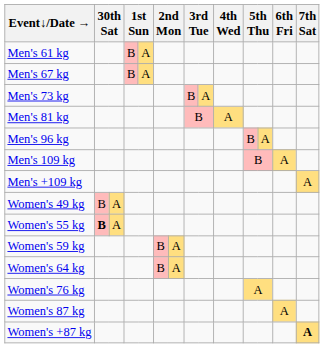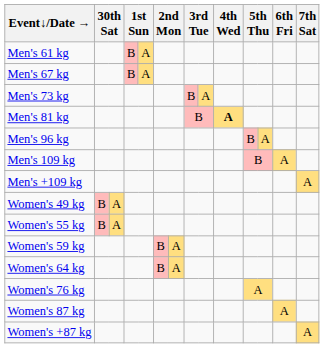 <table class="wikitable" style="margin:0.5em auto; font-size:90%; line-height:1.25em; text-align:center;">
 <tr>
 <th>Event↓/Date →</th>
 <th colspan=2>30th<br>Sat</th>
 <th colspan=2>1st<br>Sun</th>
 <th colspan=2>2nd<br>Mon</th>
 <th colspan=2>3rd<br>Tue</th>
 <th>4th<br>Wed</th>
 <th colspan=2>5th<br>Thu</th>
 <th>6th<br>Fri</th>
 <th>7th<br>Sat</th>
 </tr>
 <tr>
 <td align=left><a href='#'>Men's 61 kg</a></td>
 <td colspan=2></td>
 <td bgcolor=#FFBBBB>B</td>
 <td bgcolor=#FFDF80>A</td>
 <td colspan=2></td>
 <td colspan=2></td>
 <td></td>
 <td colspan=2></td>
 <td></td>
 <td></td>
 </tr>
 <tr>
 <td align=left><a href='#'>Men's 67 kg</a></td>
 <td colspan=2></td>
 <td bgcolor=#FFBBBB>B</td>
 <td bgcolor=#FFDF80>A</td>
 <td colspan=2></td>
 <td colspan=2></td>
 <td></td>
 <td colspan=2></td>
 <td></td>
 <td></td>
 </tr>
 <tr>
 <td align=left><a href='#'>Men's 73 kg</a></td>
 <td colspan=2></td>
 <td colspan=2></td>
 <td colspan=2></td>
 <td bgcolor=#FFBBBB>B</td>
 <td bgcolor=#FFDF80>A</td>
 <td></td>
 <td colspan=2></td>
 <td></td>
 <td></td>
 </tr>
 <tr>
 <td align=left><a href='#'>Men's 81 kg</a></td>
 <td colspan=2></td>
 <td colspan=2></td>
 <td colspan=2></td>
 <td colspan=2 bgcolor=#FFBBBB>B</td>
-<td bgcolor=#FFDF80>A</td>
+<td bgcolor=#FFDF80><strong>A</strong></td>
 <td colspan=2></td>
 <td></td>
 <td></td>
 </tr>
 <tr>
 <td align=left><a href='#'>Men's 96 kg</a></td>
 <td colspan=2></td>
 <td colspan=2></td>
 <td colspan=2></td>
 <td colspan=2></td>
 <td></td>
 <td bgcolor=#FFBBBB>B</td>
 <td bgcolor=#FFDF80>A</td>
 <td></td>
 <td></td>
 </tr>
 <tr>
 <td align=left><a href='#'>Men's 109 kg</a></td>
 <td colspan=2></td>
 <td colspan=2></td>
 <td colspan=2></td>
 <td colspan=2></td>
 <td></td>
 <td colspan=2 bgcolor=#FFBBBB>B</td>
 <td bgcolor=#FFDF80>A</td>
 <td></td>
 </tr>
 <tr>
 <td align=left><a href='#'>Men's +109 kg</a></td>
 <td colspan=2></td>
 <td colspan=2></td>
 <td colspan=2></td>
 <td colspan=2></td>
 <td></td>
 <td colspan=2></td>
 <td></td>
 <td bgcolor=#FFDF80>A</td>
 </tr>
 <tr>
 <td align=left><a href='#'>Women's 49 kg</a></td>
 <td bgcolor=#FFBBBB>B</td>
 <td bgcolor=#FFDF80>A</td>
 <td colspan=2></td>
 <td colspan=2></td>
 <td colspan=2></td>
 <td></td>
 <td colspan=2></td>
 <td></td>
 <td></td>
 </tr>
 <tr>
 <td align=left><a href='#'>Women's 55 kg</a></td>
-<td bgcolor=#FFBBBB><strong>B</strong></td>
+<td bgcolor=#FFBBBB>B</td>
 <td bgcolor=#FFDF80>A</td>
 <td colspan=2></td>
 <td colspan=2></td>
 <td colspan=2></td>
 <td></td>
 <td colspan=2></td>
 <td></td>
 <td></td>
 </tr>
 <tr>
 <td align=left><a href='#'>Women's 59 kg</a></td>
 <td colspan=2></td>
 <td colspan=2></td>
 <td bgcolor=#FFBBBB>B</td>
 <td bgcolor=#FFDF80>A</td>
 <td colspan=2></td>
 <td></td>
 <td colspan=2></td>
 <td></td>
 <td></td>
 </tr>
 <tr>
 <td align=left><a href='#'>Women's 64 kg</a></td>
 <td colspan=2></td>
 <td colspan=2></td>
 <td bgcolor=#FFBBBB>B</td>
 <td bgcolor=#FFDF80>A</td>
 <td colspan=2></td>
 <td></td>
 <td colspan=2></td>
 <td></td>
 <td></td>
 </tr>
 <tr>
 <td align=left><a href='#'>Women's 76 kg</a></td>
 <td colspan=2></td>
 <td colspan=2></td>
 <td colspan=2></td>
 <td colspan=2></td>
 <td></td>
 <td colspan=2 bgcolor=#FFDF80>A</td>
 <td></td>
 <td></td>
 </tr>
 <tr>
 <td align=left><a href='#'>Women's 87 kg</a></td>
 <td colspan=2></td>
 <td colspan=2></td>
 <td colspan=2></td>
 <td colspan=2></td>
 <td></td>
 <td colspan=2></td>
 <td bgcolor="#FFDF80">A</td>
 <td></td>
 </tr>
 <tr>
 <td align=left><a href='#'>Women's +87 kg</a></td>
 <td colspan=2></td>
 <td colspan=2></td>
 <td colspan=2></td>
 <td colspan=2></td>
 <td></td>
 <td colspan=2></td>
 <td></td>
-<td bgcolor=#FFDF80><strong>A</strong></td>
+<td bgcolor=#FFDF80>A</td>
 </tr>
 </table>
